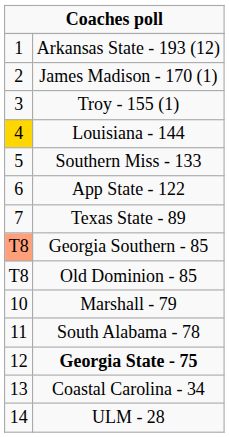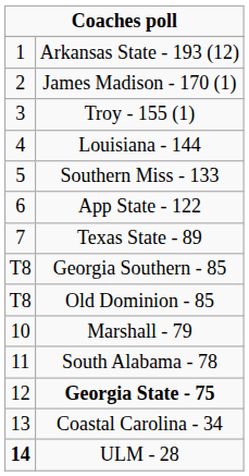 <table class="wikitable" style="display: inline-table;">
 <tr>
 <td align="center" Colspan="3"><strong>Coaches poll</strong></td>
 </tr>
 <tr align="center">
 </tr>
 <tr align="center">
 <td>1</td>
 <td>Arkansas State - 193 (12)</td>
 </tr>
 <tr align="center">
 <td>2</td>
 <td>James Madison - 170 (1)</td>
 </tr>
 <tr align="center">
 <td>3</td>
 <td>Troy - 155 (1)</td>
 </tr>
 <tr align="center">
-<td style="background: gold;">4</td>
+<td>4</td>
 <td>Louisiana - 144</td>
 </tr>
 <tr align="center">
 <td>5</td>
 <td>Southern Miss - 133</td>
 </tr>
 <tr align="center">
 <td>6</td>
 <td>App State - 122</td>
 </tr>
 <tr align="center">
 <td>7</td>
 <td>Texas State - 89</td>
 </tr>
 <tr align="center">
-<td style="background: lightsalmon;">T8</td>
+<td>T8</td>
 <td>Georgia Southern - 85</td>
 </tr>
 <tr align="center">
 <td>T8</td>
 <td>Old Dominion - 85</td>
 </tr>
 <tr align="center">
 <td>10</td>
 <td>Marshall - 79</td>
 </tr>
 <tr align="center">
 <td>11</td>
 <td>South Alabama - 78</td>
 </tr>
 <tr align="center">
 <td>12</td>
 <td><strong>Georgia State - 75</strong></td>
 </tr>
 <tr align="center">
 <td>13</td>
 <td>Coastal Carolina - 34</td>
 </tr>
 <tr align="center">
-<td>14</td>
+<td><strong>14</strong></td>
 <td>ULM - 28</td>
 </tr>
 </table>
